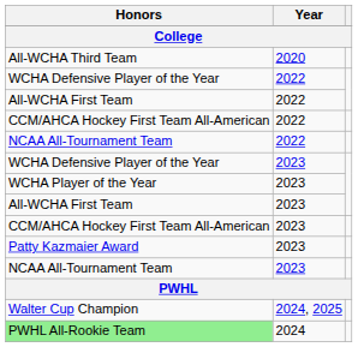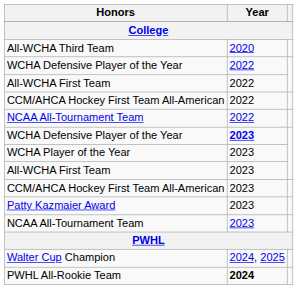 <table class="wikitable">
 <tr>
 <th>Honors</th>
 <th>Year</th>
 <th></th>
 </tr>
 <tr>
 </tr>
 <tr>
 <th colspan="3"><a href='#'>College</a></th>
 </tr>
 <tr>
 <td>All-WCHA Third Team</td>
 <td><a href='#'>2020</a></td>
 <td></td>
 </tr>
 <tr>
 <td>WCHA Defensive Player of the Year</td>
 <td><a href='#'>2022</a></td>
 <td rowspan="2"></td>
 </tr>
 <tr>
 <td>All-WCHA First Team</td>
 <td>2022</td>
 </tr>
 <tr>
 <td>CCM/AHCA Hockey First Team All-American</td>
 <td>2022</td>
 <td></td>
 </tr>
 <tr>
 <td><a href='#'>NCAA All-Tournament Team</a></td>
 <td><a href='#'>2022</a></td>
 <td></td>
 </tr>
 <tr>
 <td>WCHA Defensive Player of the Year</td>
-<td><a href='#'>2023</a></td>
+<td><strong><a href='#'>2023</a></strong></td>
 <td rowspan="3"></td>
 </tr>
 <tr>
 <td>WCHA Player of the Year</td>
 <td>2023</td>
 </tr>
 <tr>
 <td>All-WCHA First Team</td>
 <td>2023</td>
 </tr>
 <tr>
 <td>CCM/AHCA Hockey First Team All-American</td>
 <td>2023</td>
 <td></td>
 </tr>
 <tr>
 <td><a href='#'>Patty Kazmaier Award</a></td>
 <td>2023</td>
 <td></td>
 </tr>
 <tr>
 <td>NCAA All-Tournament Team</td>
 <td><a href='#'>2023</a></td>
 <td></td>
 </tr>
 <tr>
 <th colspan="3"><a href='#'>PWHL</a></th>
 </tr>
 <tr>
 <td><a href='#'>Walter Cup</a> Champion</td>
 <td><a href='#'>2024</a>, <a href='#'>2025</a></td>
 <td></td>
 </tr>
 <tr>
-<td style="background: lightgreen;">PWHL All-Rookie Team</td>
-<td>2024</td>
+<td>PWHL All-Rookie Team</td>
+<td><strong>2024</strong></td>
 <td></td>
 </tr>
 </table>
